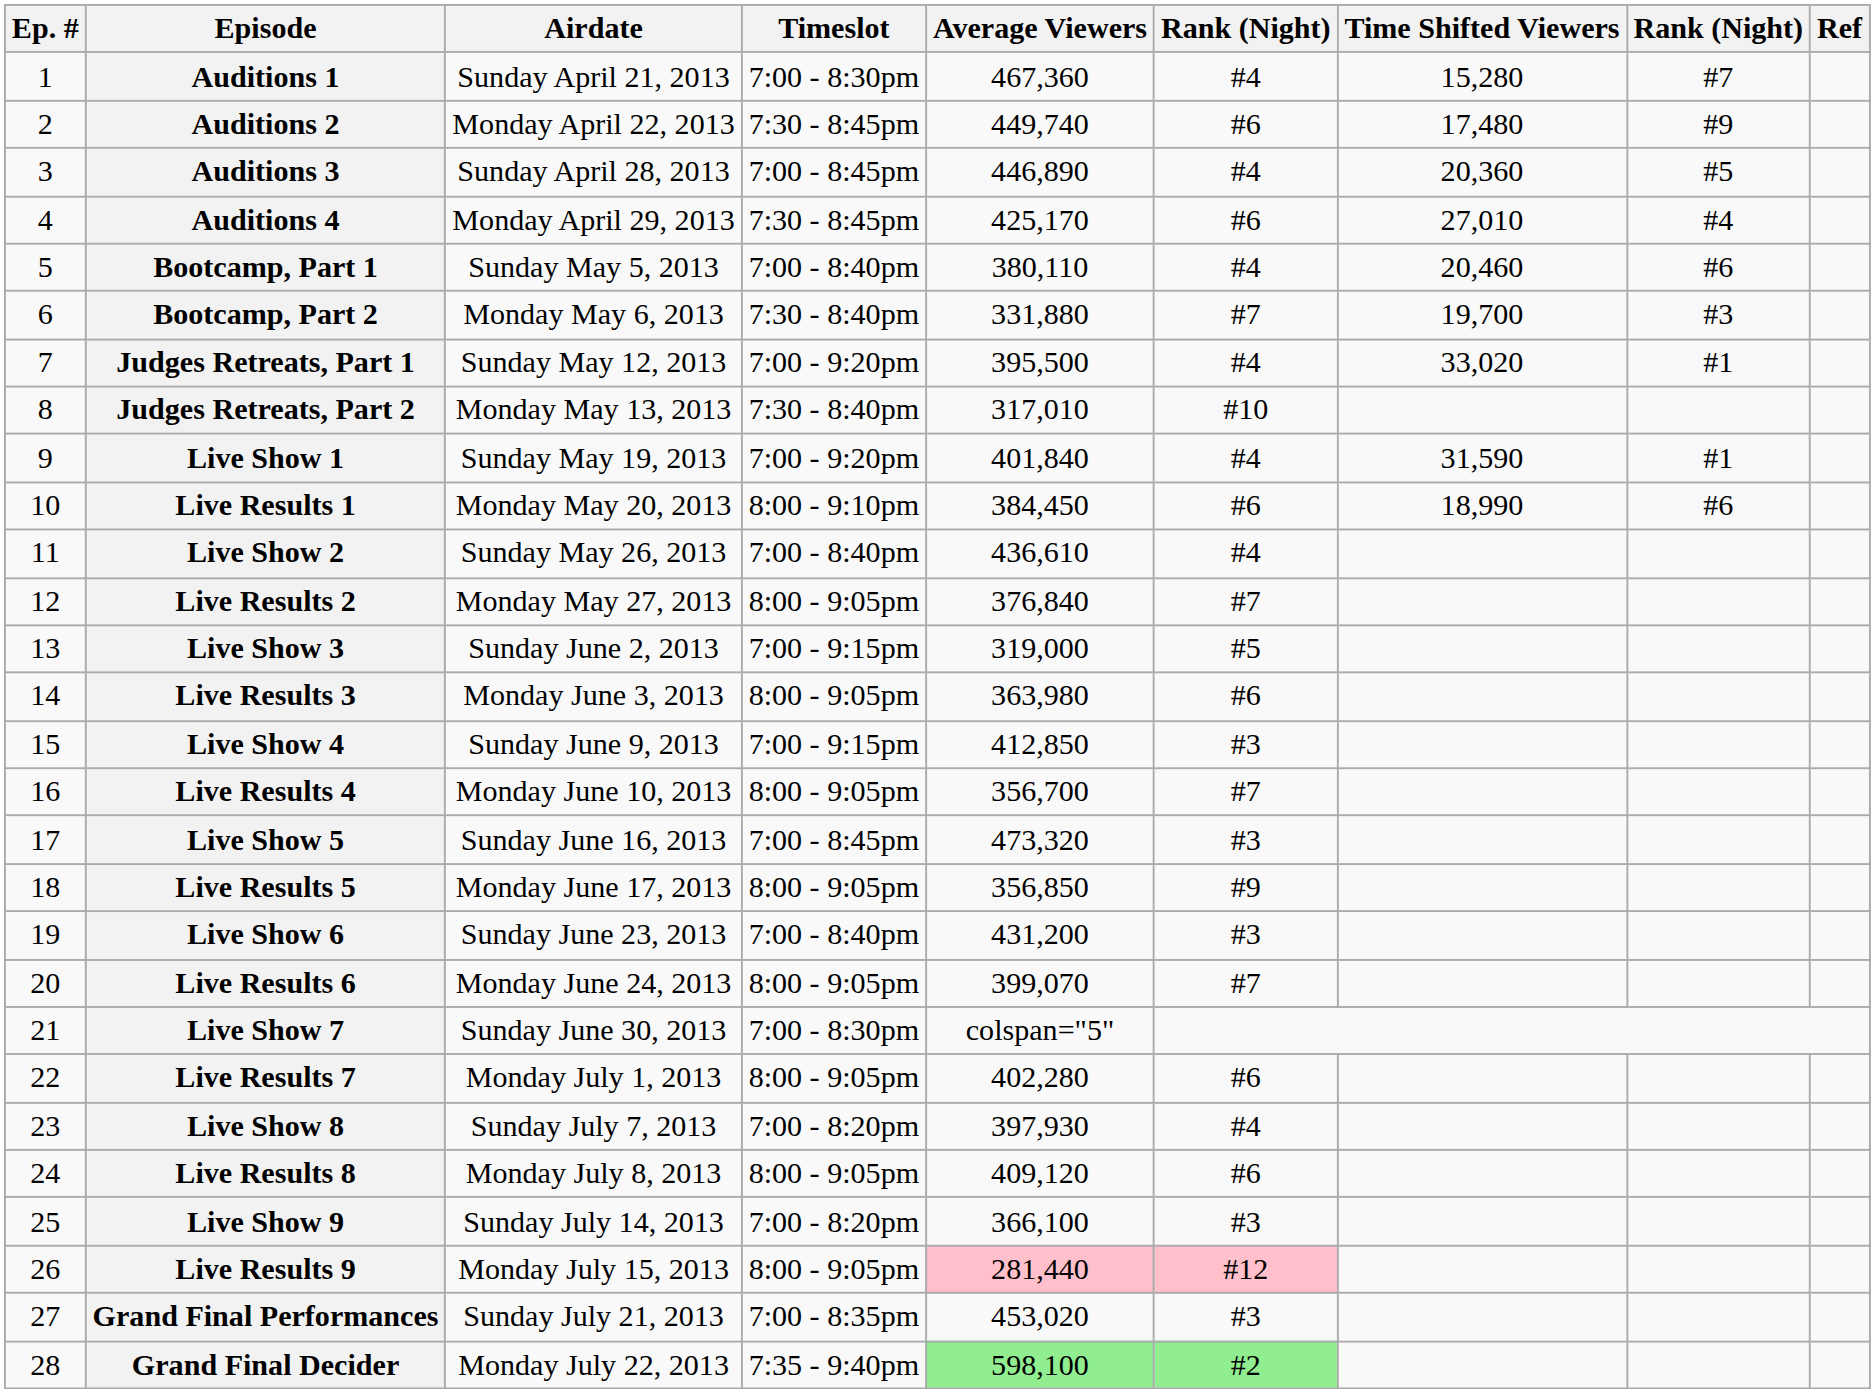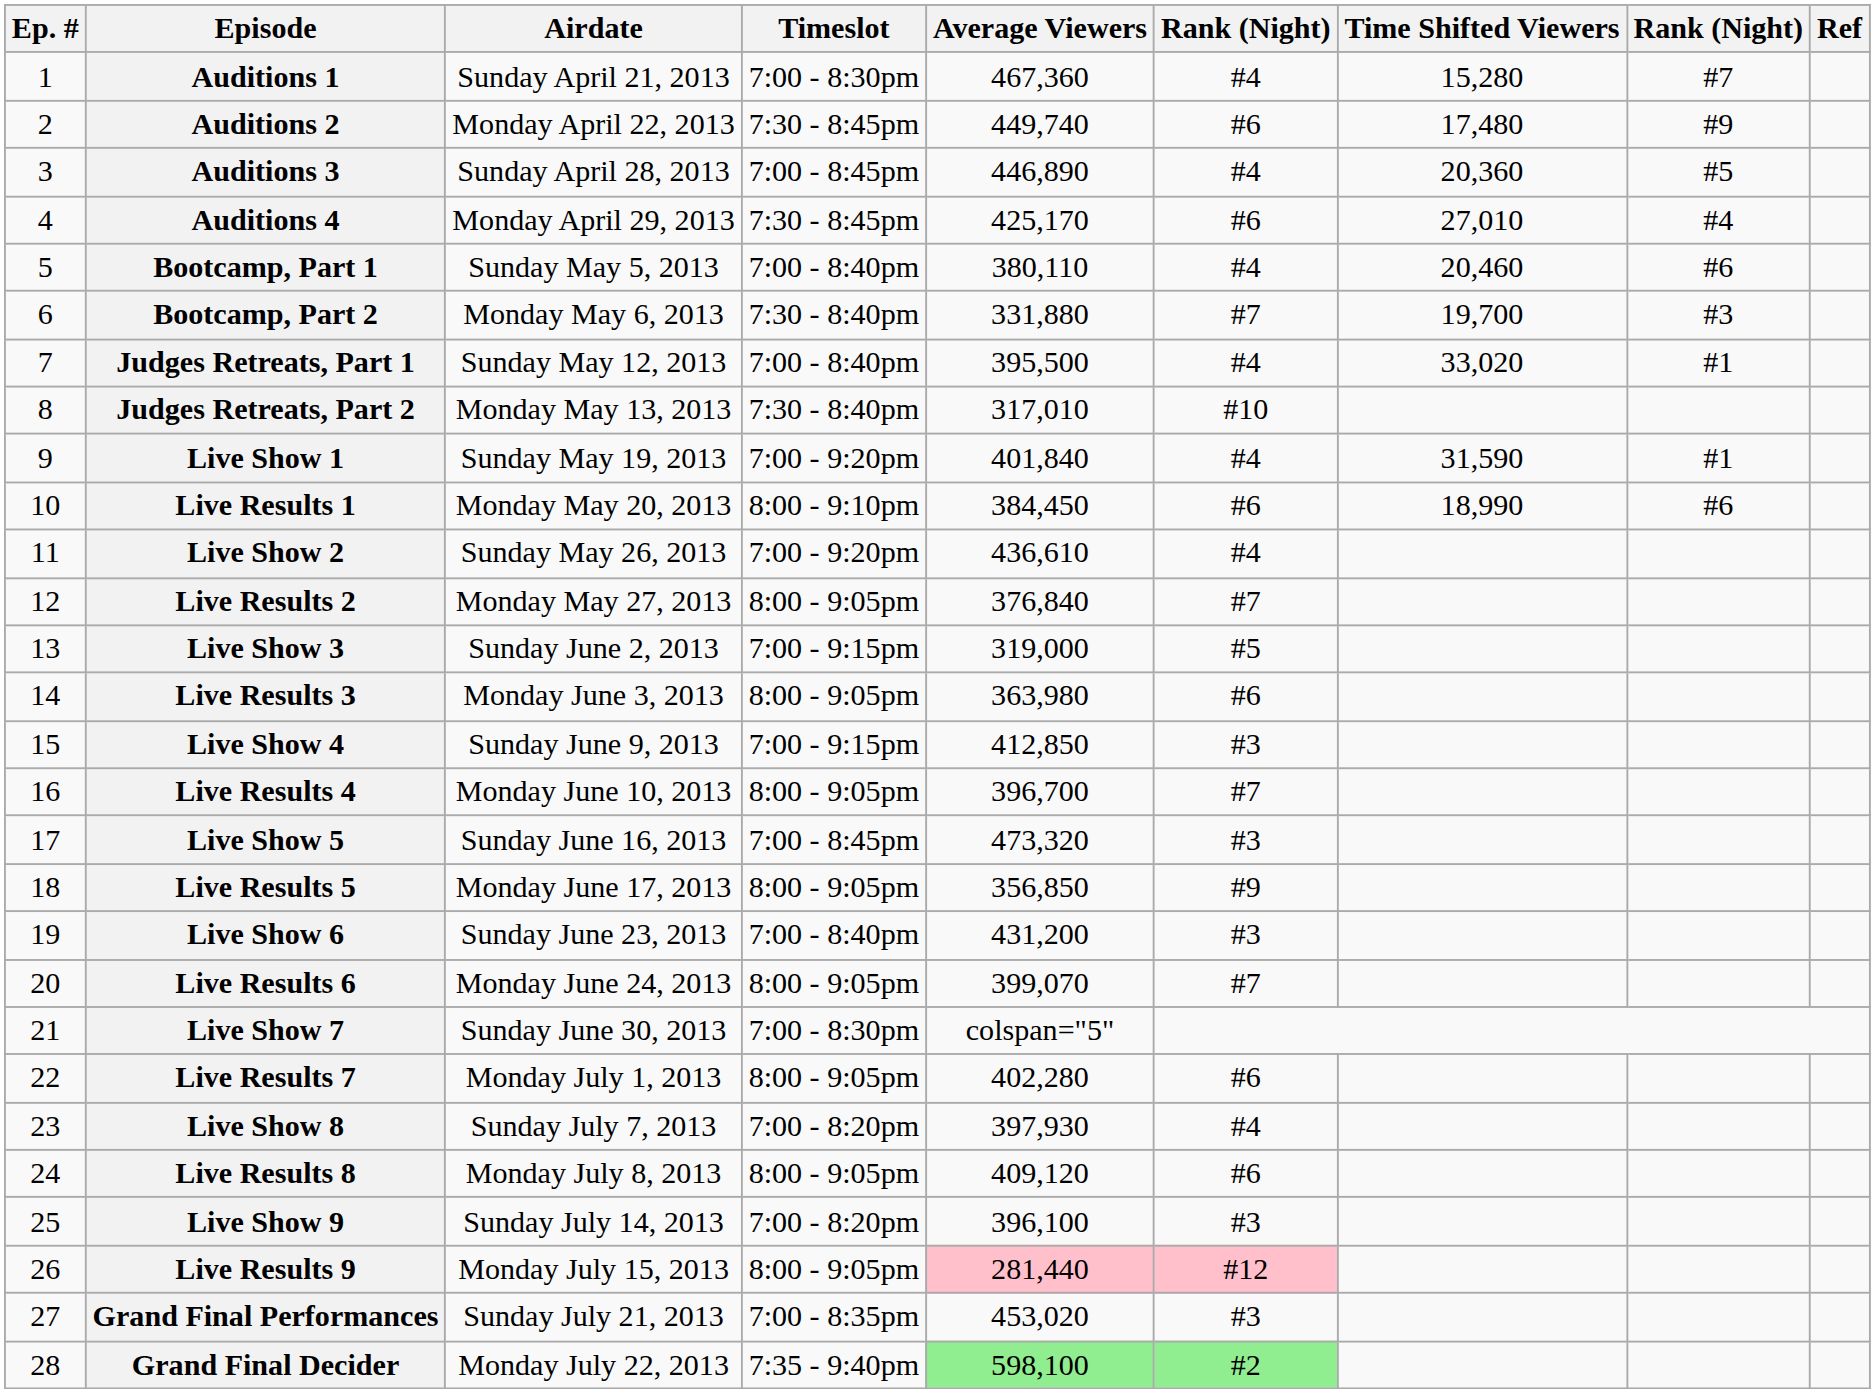 <table class="wikitable sortable" style="text-align:center">
 <tr>
 <th>Ep. #</th>
 <th>Episode</th>
 <th>Airdate</th>
 <th>Timeslot</th>
 <th>Average Viewers</th>
 <th>Rank (Night)</th>
 <th>Time Shifted Viewers</th>
 <th>Rank (Night)</th>
 <th>Ref</th>
 </tr>
 <tr>
 <td>1</td>
 <th>Auditions 1</th>
 <td>Sunday April 21, 2013</td>
 <td>7:00 - 8:30pm</td>
 <td>467,360</td>
 <td>#4</td>
 <td>15,280</td>
 <td>#7</td>
 <td></td>
 </tr>
 <tr>
 <td>2</td>
 <th>Auditions 2</th>
 <td>Monday April 22, 2013</td>
 <td>7:30 - 8:45pm</td>
 <td>449,740</td>
 <td>#6</td>
 <td>17,480</td>
 <td>#9</td>
 <td></td>
 </tr>
 <tr>
 <td>3</td>
 <th>Auditions 3</th>
 <td>Sunday April 28, 2013</td>
 <td>7:00 - 8:45pm</td>
 <td>446,890</td>
 <td>#4</td>
 <td>20,360</td>
 <td>#5</td>
 <td></td>
 </tr>
 <tr>
 <td>4</td>
 <th>Auditions 4</th>
 <td>Monday April 29, 2013</td>
 <td>7:30 - 8:45pm</td>
 <td>425,170</td>
 <td>#6</td>
 <td>27,010</td>
 <td>#4</td>
 <td></td>
 </tr>
 <tr>
 <td>5</td>
 <th>Bootcamp, Part 1</th>
 <td>Sunday May 5, 2013</td>
 <td>7:00 - 8:40pm</td>
 <td>380,110</td>
 <td>#4</td>
 <td>20,460</td>
 <td>#6</td>
 <td></td>
 </tr>
 <tr>
 <td>6</td>
 <th>Bootcamp, Part 2</th>
 <td>Monday May 6, 2013</td>
 <td>7:30 - 8:40pm</td>
 <td>331,880</td>
 <td>#7</td>
 <td>19,700</td>
 <td>#3</td>
 <td></td>
 </tr>
 <tr>
 <td>7</td>
 <th>Judges Retreats, Part 1</th>
 <td>Sunday May 12, 2013</td>
-<td>7:00 - 9:20pm</td>
+<td>7:00 - 8:40pm</td>
 <td>395,500</td>
 <td>#4</td>
 <td>33,020</td>
 <td>#1</td>
 <td></td>
 </tr>
 <tr>
 <td>8</td>
 <th>Judges Retreats, Part 2</th>
 <td>Monday May 13, 2013</td>
 <td>7:30 - 8:40pm</td>
 <td>317,010</td>
 <td>#10</td>
 <td></td>
 <td></td>
 <td></td>
 </tr>
 <tr>
 <td>9</td>
 <th>Live Show 1</th>
 <td>Sunday May 19, 2013</td>
 <td>7:00 - 9:20pm</td>
 <td>401,840</td>
 <td>#4</td>
 <td>31,590</td>
 <td>#1</td>
 <td></td>
 </tr>
 <tr>
 <td>10</td>
 <th>Live Results 1</th>
 <td>Monday May 20, 2013</td>
 <td>8:00 - 9:10pm</td>
 <td>384,450</td>
 <td>#6</td>
 <td>18,990</td>
 <td>#6</td>
 <td></td>
 </tr>
 <tr>
 <td>11</td>
 <th>Live Show 2</th>
 <td>Sunday May 26, 2013</td>
-<td>7:00 - 8:40pm</td>
+<td>7:00 - 9:20pm</td>
 <td>436,610</td>
 <td>#4</td>
 <td></td>
 <td></td>
 <td></td>
 </tr>
 <tr>
 <td>12</td>
 <th>Live Results 2</th>
 <td>Monday May 27, 2013</td>
 <td>8:00 - 9:05pm</td>
 <td>376,840</td>
 <td>#7</td>
 <td></td>
 <td></td>
 <td></td>
 </tr>
 <tr>
 <td>13</td>
 <th>Live Show 3</th>
 <td>Sunday June 2, 2013</td>
 <td>7:00 - 9:15pm</td>
 <td>319,000</td>
 <td>#5</td>
 <td></td>
 <td></td>
 <td></td>
 </tr>
 <tr>
 <td>14</td>
 <th>Live Results 3</th>
 <td>Monday June 3, 2013</td>
 <td>8:00 - 9:05pm</td>
 <td>363,980</td>
 <td>#6</td>
 <td></td>
 <td></td>
 <td></td>
 </tr>
 <tr>
 <td>15</td>
 <th>Live Show 4</th>
 <td>Sunday June 9, 2013</td>
 <td>7:00 - 9:15pm</td>
 <td>412,850</td>
 <td>#3</td>
 <td></td>
 <td></td>
 <td></td>
 </tr>
 <tr>
 <td>16</td>
 <th>Live Results 4</th>
 <td>Monday June 10, 2013</td>
 <td>8:00 - 9:05pm</td>
-<td>356,700</td>
+<td>396,700</td>
 <td>#7</td>
 <td></td>
 <td></td>
 <td></td>
 </tr>
 <tr>
 <td>17</td>
 <th>Live Show 5</th>
 <td>Sunday June 16, 2013</td>
 <td>7:00 - 8:45pm</td>
 <td>473,320</td>
 <td>#3</td>
 <td></td>
 <td></td>
 <td></td>
 </tr>
 <tr>
 <td>18</td>
 <th>Live Results 5</th>
 <td>Monday June 17, 2013</td>
 <td>8:00 - 9:05pm</td>
 <td>356,850</td>
 <td>#9</td>
 <td></td>
 <td></td>
 <td></td>
 </tr>
 <tr>
 <td>19</td>
 <th>Live Show 6</th>
 <td>Sunday June 23, 2013</td>
 <td>7:00 - 8:40pm</td>
 <td>431,200</td>
 <td>#3</td>
 <td></td>
 <td></td>
 <td></td>
 </tr>
 <tr>
 <td>20</td>
 <th>Live Results 6</th>
 <td>Monday June 24, 2013</td>
 <td>8:00 - 9:05pm</td>
 <td>399,070</td>
 <td>#7</td>
 <td></td>
 <td></td>
 <td></td>
 </tr>
 <tr>
 <td>21</td>
 <th>Live Show 7</th>
 <td>Sunday June 30, 2013</td>
 <td>7:00 - 8:30pm</td>
 <td>colspan="5"  </td>
 </tr>
 <tr>
 <td>22</td>
 <th>Live Results 7</th>
 <td>Monday July 1, 2013</td>
 <td>8:00 - 9:05pm</td>
 <td>402,280</td>
 <td>#6</td>
 <td></td>
 <td></td>
 <td></td>
 </tr>
 <tr>
 <td>23</td>
 <th>Live Show 8</th>
 <td>Sunday July 7, 2013</td>
 <td>7:00 - 8:20pm</td>
 <td>397,930</td>
 <td>#4</td>
 <td></td>
 <td></td>
 <td></td>
 </tr>
 <tr>
 <td>24</td>
 <th>Live Results 8</th>
 <td>Monday July 8, 2013</td>
 <td>8:00 - 9:05pm</td>
 <td>409,120</td>
 <td>#6</td>
 <td></td>
 <td></td>
 <td></td>
 </tr>
 <tr>
 <td>25</td>
 <th>Live Show 9</th>
 <td>Sunday July 14, 2013</td>
 <td>7:00 - 8:20pm</td>
-<td>366,100</td>
+<td>396,100</td>
 <td>#3</td>
 <td></td>
 <td></td>
 <td></td>
 </tr>
 <tr>
 <td>26</td>
 <th>Live Results 9</th>
 <td>Monday July 15, 2013</td>
 <td>8:00 - 9:05pm</td>
 <td style="background:#FFC0CB">281,440</td>
 <td style="background:#FFC0CB">#12</td>
 <td></td>
 <td></td>
 <td></td>
 </tr>
 <tr>
 <td>27</td>
 <th>Grand Final Performances</th>
 <td>Sunday July 21, 2013</td>
 <td>7:00 - 8:35pm</td>
 <td>453,020</td>
 <td>#3</td>
 <td></td>
 <td></td>
 <td></td>
 </tr>
 <tr>
 <td>28</td>
 <th>Grand Final Decider</th>
 <td>Monday July 22, 2013</td>
 <td>7:35 - 9:40pm</td>
 <td style="background:#90EE90">598,100</td>
 <td style="background:#90EE90">#2</td>
 <td></td>
 <td></td>
 <td></td>
 </tr>
 <tr>
 </tr>
 </table>
